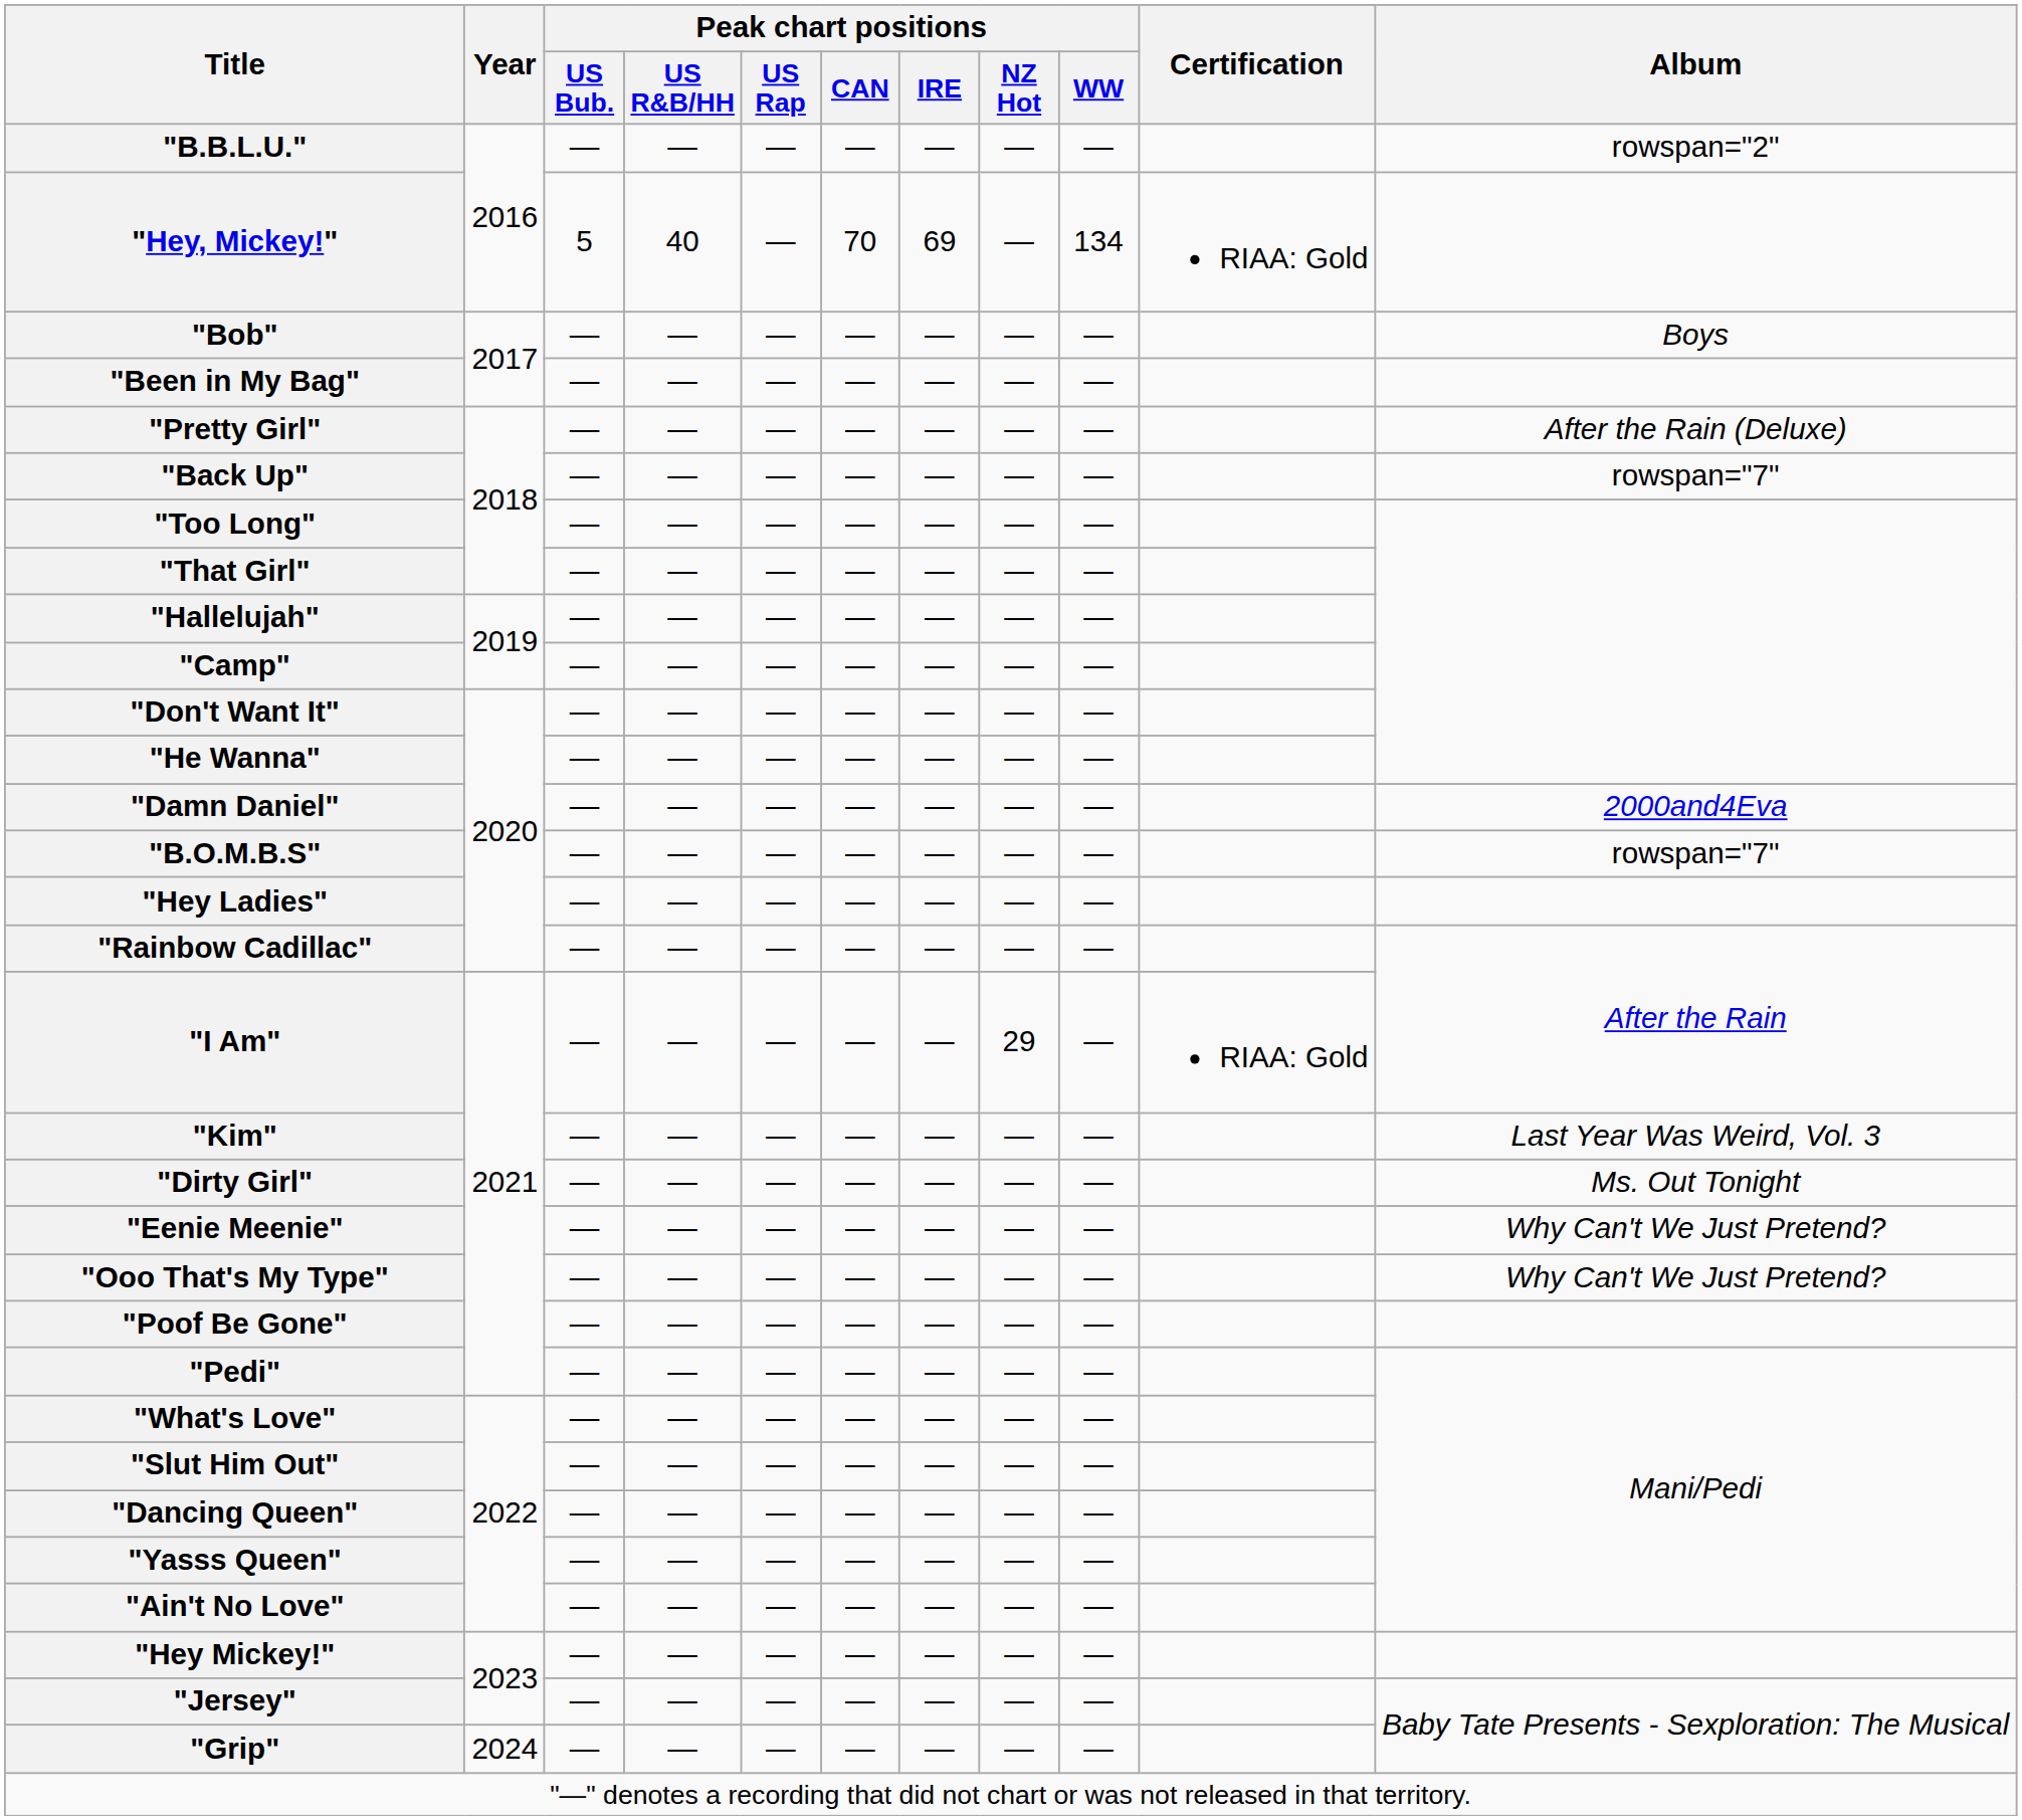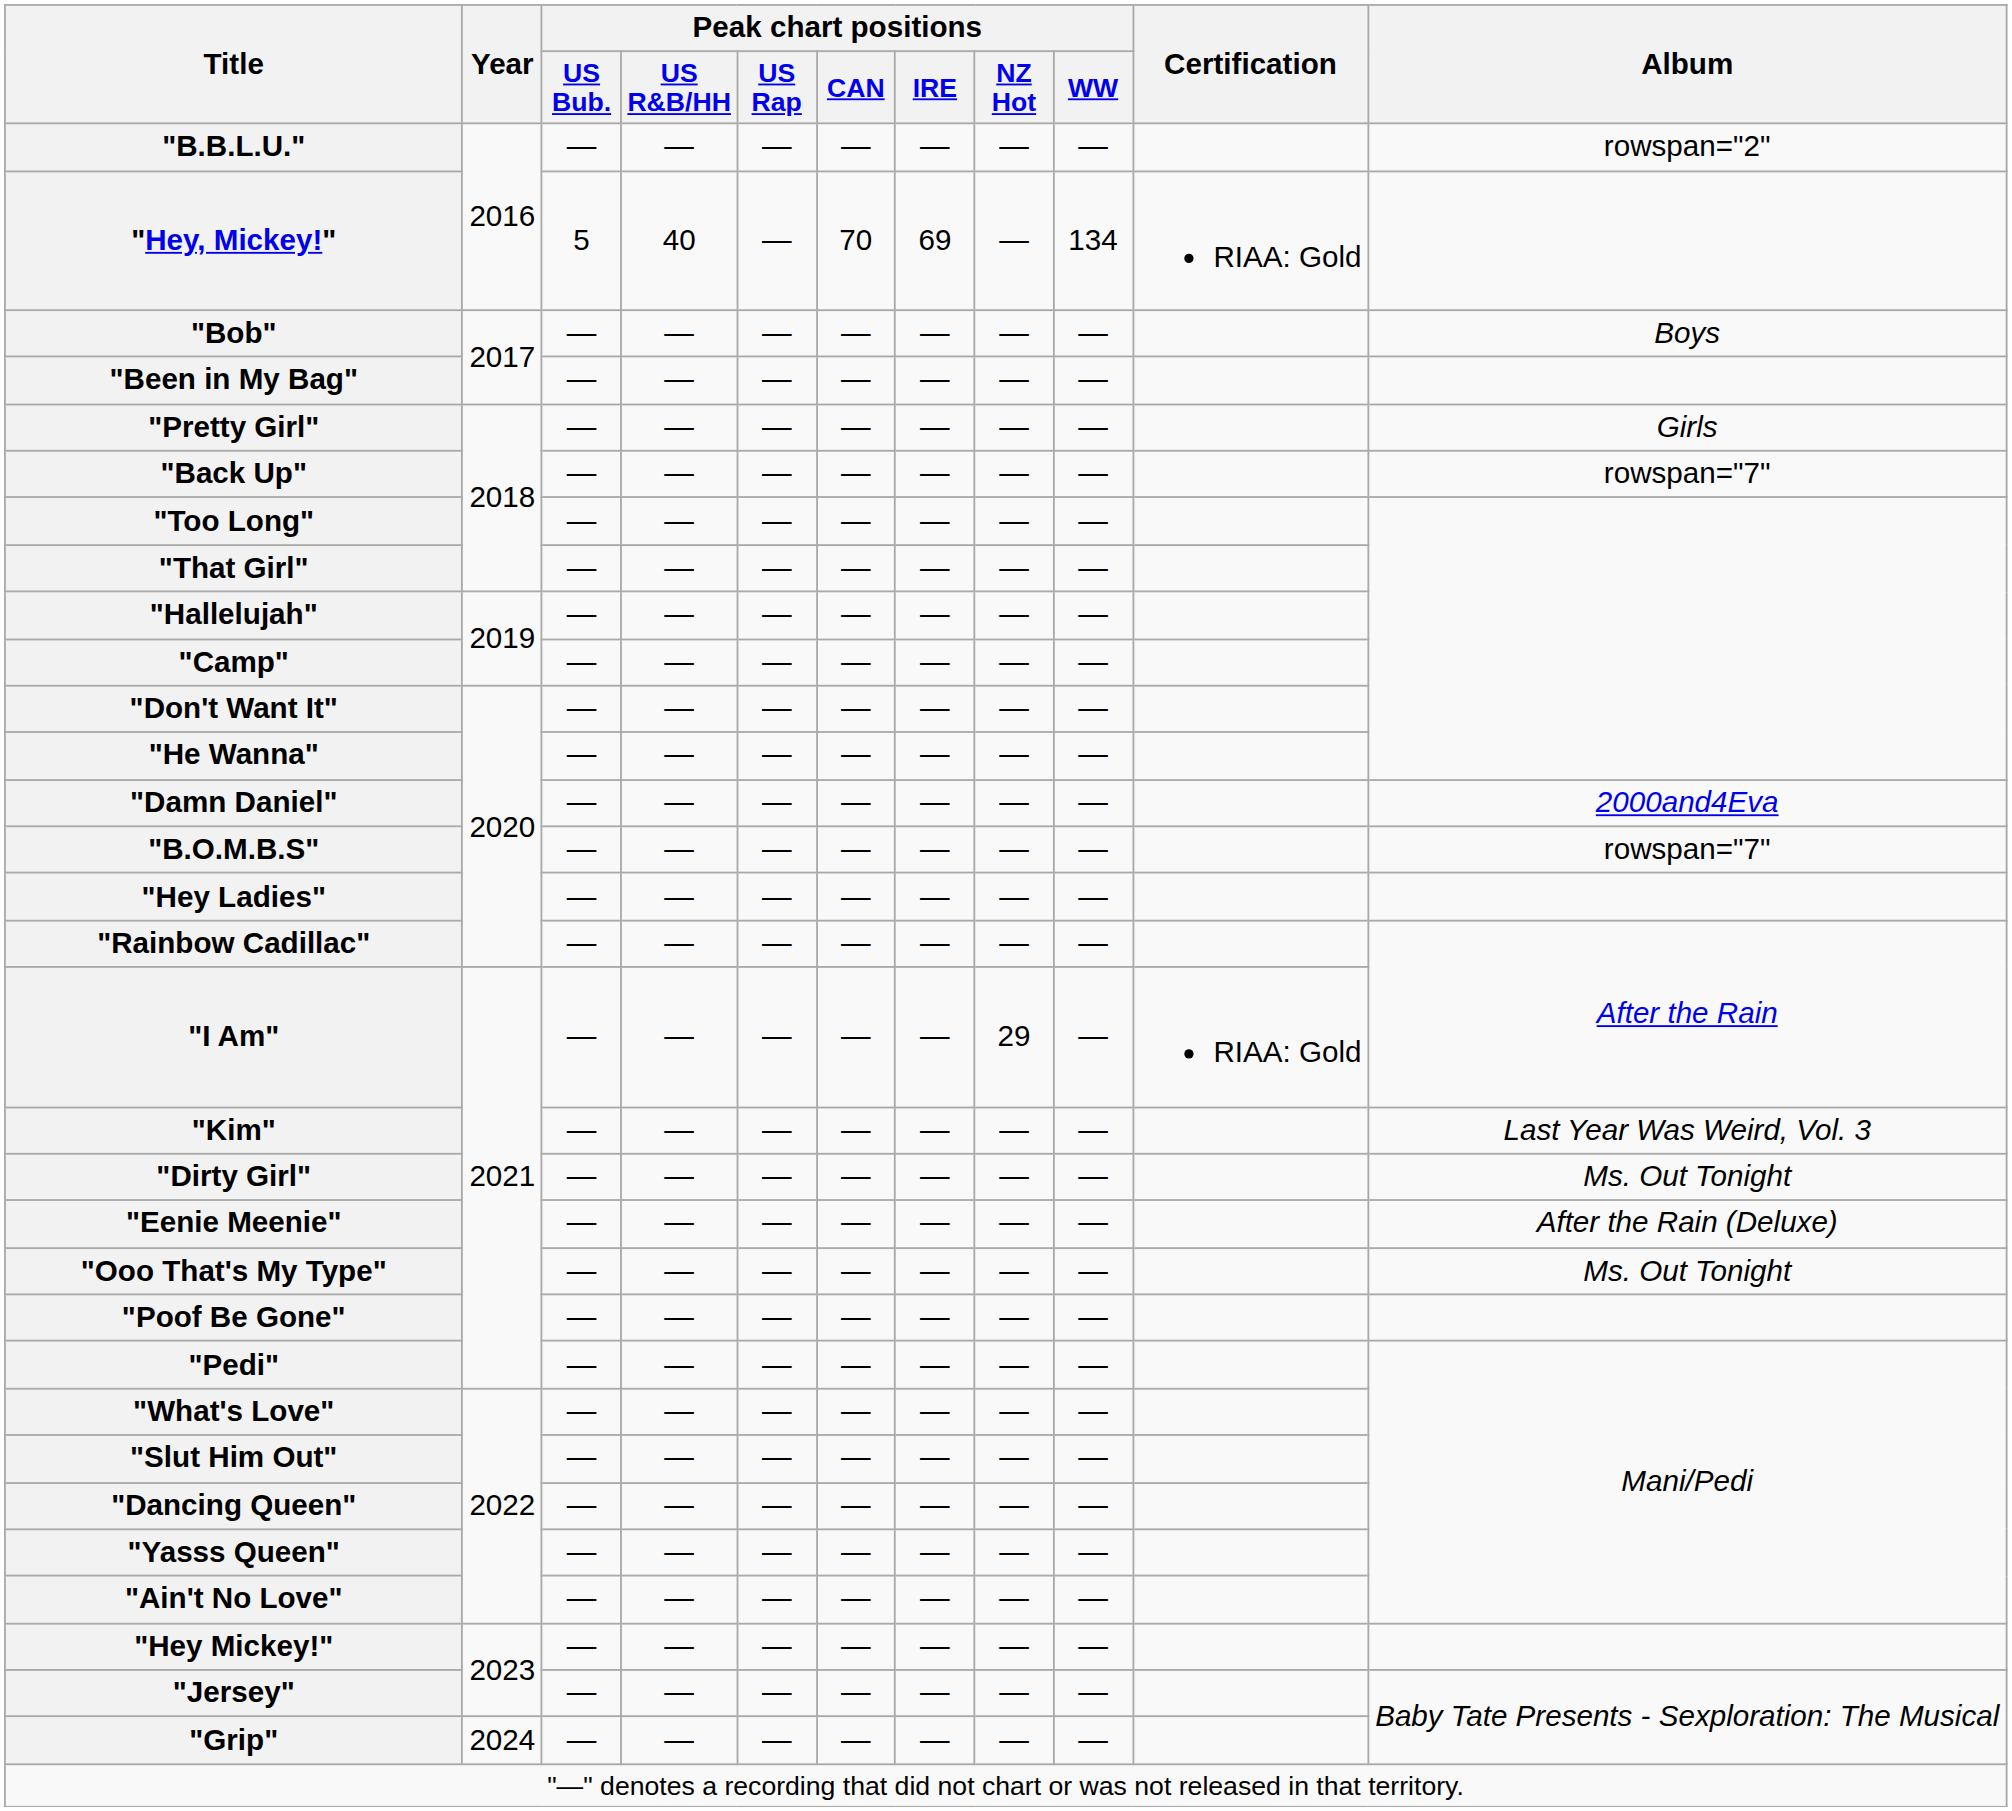 <table class="wikitable plainrowheaders" style="text-align:center;">
 <tr>
 <th scope="col" rowspan="2" style="width:15em;">Title</th>
 <th scope="col" rowspan="2">Year</th>
 <th scope="col" colspan="7">Peak chart positions</th>
 <th rowspan="2">Certification</th>
 <th rowspan="2" scope="col">Album</th>
 </tr>
 <tr>
 <th scope="col" style="width:2.5em;font-size:90%;"><a href='#'>US<br>Bub.</a><br></th>
 <th scope="col" style="width:2.5em;font-size:90%;"><a href='#'>US<br>R&B/HH</a><br></th>
 <th scope="col" style="width:2.5em;font-size:90%;"><a href='#'>US<br>Rap</a><br></th>
 <th scope="col" style="width:2.5em;font-size:90%;"><a href='#'>CAN</a><br></th>
 <th scope="col" style="width:2.5em;font-size:90%;"><a href='#'>IRE</a><br></th>
 <th scope="col" style="width:2.5em;font-size:90%;"><a href='#'>NZ<br>Hot</a><br></th>
 <th scope="col" style="width:2.5em;font-size:90%;"><a href='#'>WW</a><br></th>
 </tr>
 <tr>
 <th scope="row">"B.B.L.U."</th>
 <td rowspan="2">2016</td>
 <td>—</td>
 <td>—</td>
 <td>—</td>
 <td>—</td>
 <td>—</td>
 <td>—</td>
 <td>—</td>
 <td></td>
 <td>rowspan="2" </td>
 </tr>
 <tr>
 <th scope="row">"<a href='#'>Hey, Mickey!</a>"</th>
 <td>5</td>
 <td>40</td>
 <td>—</td>
 <td>70</td>
 <td>69</td>
 <td>—</td>
 <td>134</td>
 <td><br><ul><li>RIAA: Gold</li></ul></td>
 </tr>
 <tr>
 <th scope="row">"Bob"</th>
 <td rowspan="2">2017</td>
 <td>—</td>
 <td>—</td>
 <td>—</td>
 <td>—</td>
 <td>—</td>
 <td>—</td>
 <td>—</td>
 <td></td>
 <td><em>Boys</em></td>
 </tr>
 <tr>
 <th scope="row">"Been in My Bag"</th>
 <td>—</td>
 <td>—</td>
 <td>—</td>
 <td>—</td>
 <td>—</td>
 <td>—</td>
 <td>—</td>
 <td></td>
 <td></td>
 </tr>
 <tr>
 <th scope="row">"Pretty Girl"<br></th>
 <td rowspan="4">2018</td>
 <td>—</td>
 <td>—</td>
 <td>—</td>
 <td>—</td>
 <td>—</td>
 <td>—</td>
 <td>—</td>
 <td></td>
-<td><em>After the Rain (Deluxe)</em></td>
+<td><em>Girls</em></td>
 </tr>
 <tr>
 <th scope="row">"Back Up"</th>
 <td>—</td>
 <td>—</td>
 <td>—</td>
 <td>—</td>
 <td>—</td>
 <td>—</td>
 <td>—</td>
 <td></td>
 <td>rowspan="7" </td>
 </tr>
 <tr>
 <th scope="row">"Too Long"</th>
 <td>—</td>
 <td>—</td>
 <td>—</td>
 <td>—</td>
 <td>—</td>
 <td>—</td>
 <td>—</td>
 <td></td>
 </tr>
 <tr>
 <th scope="row">"That Girl"</th>
 <td>—</td>
 <td>—</td>
 <td>—</td>
 <td>—</td>
 <td>—</td>
 <td>—</td>
 <td>—</td>
 <td></td>
 </tr>
 <tr>
 <th scope="row">"Hallelujah"</th>
 <td rowspan="2">2019</td>
 <td>—</td>
 <td>—</td>
 <td>—</td>
 <td>—</td>
 <td>—</td>
 <td>—</td>
 <td>—</td>
 <td></td>
 </tr>
 <tr>
 <th scope="row">"Camp"</th>
 <td>—</td>
 <td>—</td>
 <td>—</td>
 <td>—</td>
 <td>—</td>
 <td>—</td>
 <td>—</td>
 <td></td>
 </tr>
 <tr>
 <th scope="row">"Don't Want It"</th>
 <td rowspan="6">2020</td>
 <td>—</td>
 <td>—</td>
 <td>—</td>
 <td>—</td>
 <td>—</td>
 <td>—</td>
 <td>—</td>
 <td></td>
 </tr>
 <tr>
 <th scope="row">"He Wanna"<br></th>
 <td>—</td>
 <td>—</td>
 <td>—</td>
 <td>—</td>
 <td>—</td>
 <td>—</td>
 <td>—</td>
 <td></td>
 </tr>
 <tr>
 <th scope="row">"Damn Daniel"<br></th>
 <td>—</td>
 <td>—</td>
 <td>—</td>
 <td>—</td>
 <td>—</td>
 <td>—</td>
 <td>—</td>
 <td></td>
 <td><em><a href='#'>2000and4Eva</a></em></td>
 </tr>
 <tr>
 <th scope="row">"B.O.M.B.S"</th>
 <td>—</td>
 <td>—</td>
 <td>—</td>
 <td>—</td>
 <td>—</td>
 <td>—</td>
 <td>—</td>
 <td></td>
 <td>rowspan="7" </td>
 </tr>
 <tr>
 <th scope="row">"Hey Ladies"</th>
 <td>—</td>
 <td>—</td>
 <td>—</td>
 <td>—</td>
 <td>—</td>
 <td>—</td>
 <td>—</td>
 <td></td>
 </tr>
 <tr>
 <th scope="row">"Rainbow Cadillac"</th>
 <td>—</td>
 <td>—</td>
 <td>—</td>
 <td>—</td>
 <td>—</td>
 <td>—</td>
 <td>—</td>
 <td></td>
 <td rowspan="2"><em><a href='#'>After the Rain</a></em></td>
 </tr>
 <tr>
 <th scope="row">"I Am"<br></th>
 <td rowspan="7">2021</td>
 <td>—</td>
 <td>—</td>
 <td>—</td>
 <td>—</td>
 <td>—</td>
 <td>29</td>
 <td>—</td>
 <td><br><ul><li>RIAA: Gold</li></ul></td>
 </tr>
 <tr>
 <th scope="row">"Kim"<br></th>
 <td>—</td>
 <td>—</td>
 <td>—</td>
 <td>—</td>
 <td>—</td>
 <td>—</td>
 <td>—</td>
 <td></td>
 <td><em>Last Year Was Weird, Vol. 3</em></td>
 </tr>
 <tr>
 <th scope="row">"Dirty Girl"<br></th>
 <td>—</td>
 <td>—</td>
 <td>—</td>
 <td>—</td>
 <td>—</td>
 <td>—</td>
 <td>—</td>
 <td></td>
 <td><em>Ms. Out Tonight</em></td>
 </tr>
 <tr>
 <th scope="row">"Eenie Meenie"</th>
 <td>—</td>
 <td>—</td>
 <td>—</td>
 <td>—</td>
 <td>—</td>
 <td>—</td>
 <td>—</td>
 <td></td>
-<td><em>Why Can't We Just Pretend?</em></td>
+<td><em>After the Rain (Deluxe)</em></td>
 </tr>
 <tr>
 <th scope="row">"Ooo That's My Type"<br></th>
 <td>—</td>
 <td>—</td>
 <td>—</td>
 <td>—</td>
 <td>—</td>
 <td>—</td>
 <td>—</td>
 <td></td>
-<td><em>Why Can't We Just Pretend?</em></td>
+<td><em>Ms. Out Tonight</em></td>
 </tr>
 <tr>
 <th scope="row">"Poof Be Gone"<br></th>
 <td>—</td>
 <td>—</td>
 <td>—</td>
 <td>—</td>
 <td>—</td>
 <td>—</td>
 <td>—</td>
 <td></td>
 <td></td>
 </tr>
 <tr>
 <th scope="row">"Pedi"</th>
 <td>—</td>
 <td>—</td>
 <td>—</td>
 <td>—</td>
 <td>—</td>
 <td>—</td>
 <td>—</td>
 <td></td>
 <td rowspan="6"><em>Mani/Pedi</em></td>
 </tr>
 <tr>
 <th scope="row">"What's Love"</th>
 <td rowspan="5">2022</td>
 <td>—</td>
 <td>—</td>
 <td>—</td>
 <td>—</td>
 <td>—</td>
 <td>—</td>
 <td>—</td>
 <td></td>
 </tr>
 <tr>
 <th scope="row">"Slut Him Out"<br></th>
 <td>—</td>
 <td>—</td>
 <td>—</td>
 <td>—</td>
 <td>—</td>
 <td>—</td>
 <td>—</td>
 <td></td>
 </tr>
 <tr>
 <th scope="row">"Dancing Queen"</th>
 <td>—</td>
 <td>—</td>
 <td>—</td>
 <td>—</td>
 <td>—</td>
 <td>—</td>
 <td>—</td>
 <td></td>
 </tr>
 <tr>
 <th scope="row">"Yasss Queen"</th>
 <td>—</td>
 <td>—</td>
 <td>—</td>
 <td>—</td>
 <td>—</td>
 <td>—</td>
 <td>—</td>
 <td></td>
 </tr>
 <tr>
 <th scope="row">"Ain't No Love"<br></th>
 <td>—</td>
 <td>—</td>
 <td>—</td>
 <td>—</td>
 <td>—</td>
 <td>—</td>
 <td>—</td>
 <td></td>
 </tr>
 <tr>
 <th scope="row">"Hey Mickey!"<br></th>
 <td rowspan="2">2023</td>
 <td>—</td>
 <td>—</td>
 <td>—</td>
 <td>—</td>
 <td>—</td>
 <td>—</td>
 <td>—</td>
 <td></td>
 <td></td>
 </tr>
 <tr>
 <th scope="row">"Jersey"</th>
 <td>—</td>
 <td>—</td>
 <td>—</td>
 <td>—</td>
 <td>—</td>
 <td>—</td>
 <td>—</td>
 <td></td>
 <td rowspan="2"><em>Baby Tate Presents - Sexploration: The Musical</em></td>
 </tr>
 <tr>
 <th scope="row">"Grip"</th>
 <td>2024</td>
 <td>—</td>
 <td>—</td>
 <td>—</td>
 <td>—</td>
 <td>—</td>
 <td>—</td>
 <td>—</td>
 <td></td>
 </tr>
 <tr>
 <td colspan="14" style="font-size:90%">"—" denotes a recording that did not chart or was not released in that territory.</td>
 </tr>
 </table>
